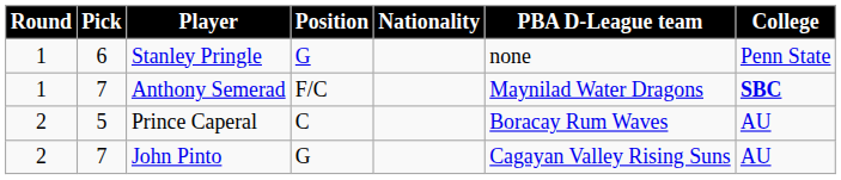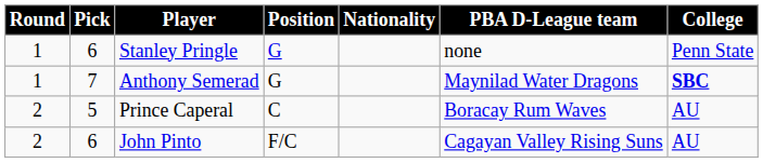 <table class="wikitable sortable sortable">
 <tr>
 <th style="background:#000000; color:#FFFFFF; ">Round</th>
 <th style="background:#000000; color:#FFFFFF; ">Pick</th>
 <th style="background:#000000; color:#FFFFFF; ">Player</th>
 <th style="background:#000000; color:#FFFFFF; ">Position</th>
 <th style="background:#000000; color:#FFFFFF; ">Nationality</th>
 <th style="background:#000000; color:#FFFFFF; ">PBA D-League team</th>
 <th style="background:#000000; color:#FFFFFF; ">College</th>
 </tr>
 <tr>
 <td align=center>1</td>
 <td align=center>6</td>
 <td><a href='#'>Stanley Pringle</a></td>
 <td><a href='#'>G</a></td>
 <td></td>
 <td>none</td>
 <td><a href='#'>Penn State</a></td>
 </tr>
 <tr>
 <td align=center>1</td>
 <td align=center>7</td>
 <td><a href='#'>Anthony Semerad</a></td>
-<td>F/C</td>
+<td>G</td>
 <td></td>
 <td><a href='#'>Maynilad Water Dragons</a></td>
 <td><strong><a href='#'>SBC</a></strong></td>
 </tr>
 <tr>
 <td align=center>2</td>
 <td align=center>5</td>
 <td>Prince Caperal</td>
 <td>C</td>
 <td></td>
 <td><a href='#'>Boracay Rum Waves</a></td>
 <td><a href='#'>AU</a></td>
 </tr>
 <tr>
 <td align=center>2</td>
-<td align=center>7</td>
+<td align=center>6</td>
 <td><a href='#'>John Pinto</a></td>
-<td>G</td>
+<td>F/C</td>
 <td></td>
 <td><a href='#'>Cagayan Valley Rising Suns</a></td>
 <td><a href='#'>AU</a></td>
 </tr>
 </table>
